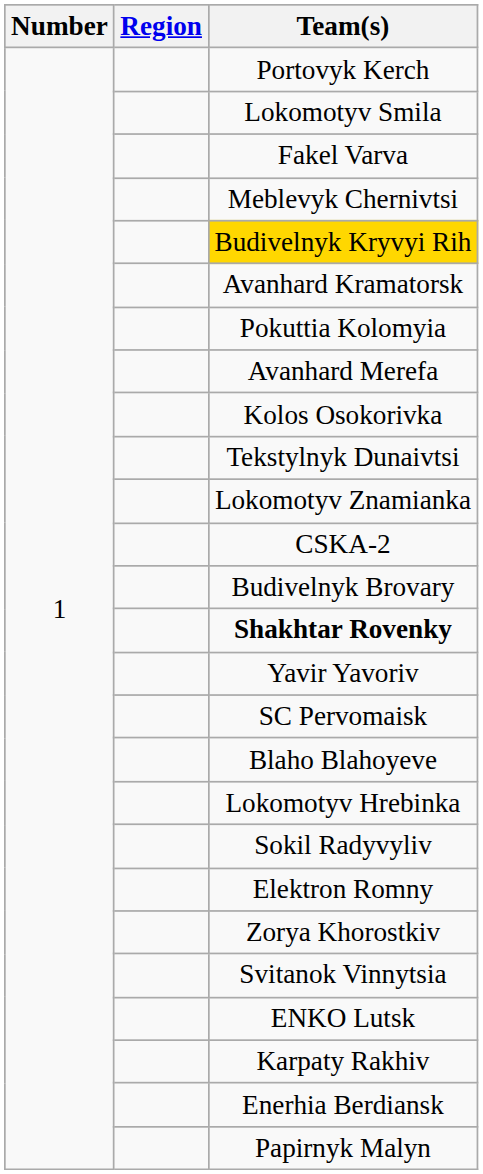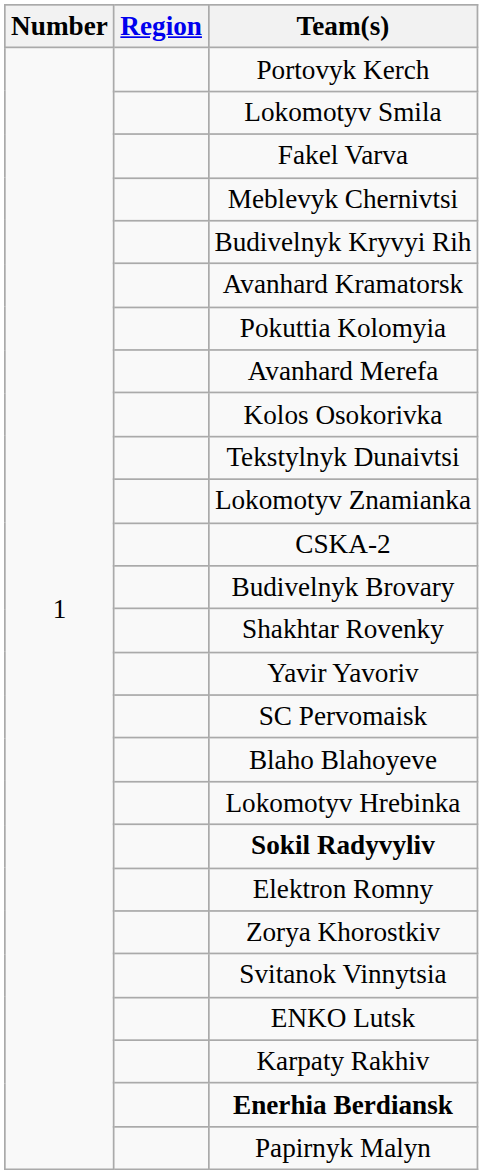 <table class="wikitable" style="text-align:center">
 <tr>
 <th>Number</th>
 <th><a href='#'>Region</a></th>
 <th>Team(s)</th>
 </tr>
 <tr>
 <td rowspan="26">1</td>
 <td align="left"></td>
 <td>Portovyk Kerch</td>
 </tr>
 <tr>
 <td align="left"></td>
 <td>Lokomotyv Smila</td>
 </tr>
 <tr>
 <td align="left"></td>
 <td>Fakel Varva</td>
 </tr>
 <tr>
 <td align="left"></td>
 <td>Meblevyk Chernivtsi</td>
 </tr>
 <tr>
 <td align="left"></td>
-<td style="background: gold;">Budivelnyk Kryvyi Rih</td>
+<td>Budivelnyk Kryvyi Rih</td>
 </tr>
 <tr>
 <td align="left"></td>
 <td>Avanhard Kramatorsk</td>
 </tr>
 <tr>
 <td align="left"></td>
 <td>Pokuttia Kolomyia</td>
 </tr>
 <tr>
 <td align="left"></td>
 <td>Avanhard Merefa</td>
 </tr>
 <tr>
 <td align="left"></td>
 <td>Kolos Osokorivka</td>
 </tr>
 <tr>
 <td align="left"></td>
 <td>Tekstylnyk Dunaivtsi</td>
 </tr>
 <tr>
 <td align="left"></td>
 <td>Lokomotyv Znamianka</td>
 </tr>
 <tr>
 <td align="left"></td>
 <td>CSKA-2</td>
 </tr>
 <tr>
 <td align="left"></td>
 <td>Budivelnyk Brovary</td>
 </tr>
 <tr>
 <td align="left"></td>
-<td><strong>Shakhtar Rovenky</strong></td>
+<td>Shakhtar Rovenky</td>
 </tr>
 <tr>
 <td align="left"></td>
 <td>Yavir Yavoriv</td>
 </tr>
 <tr>
 <td align="left"></td>
 <td>SC Pervomaisk</td>
 </tr>
 <tr>
 <td align="left"></td>
 <td>Blaho Blahoyeve</td>
 </tr>
 <tr>
 <td align="left"></td>
 <td>Lokomotyv Hrebinka</td>
 </tr>
 <tr>
 <td align="left"></td>
-<td>Sokil Radyvyliv</td>
+<td><strong>Sokil Radyvyliv</strong></td>
 </tr>
 <tr>
 <td align="left"></td>
 <td>Elektron Romny</td>
 </tr>
 <tr>
 <td align="left"></td>
 <td>Zorya Khorostkiv</td>
 </tr>
 <tr>
 <td align="left"></td>
 <td>Svitanok Vinnytsia</td>
 </tr>
 <tr>
 <td align="left"></td>
 <td>ENKO Lutsk</td>
 </tr>
 <tr>
 <td align="left"></td>
 <td>Karpaty Rakhiv</td>
 </tr>
 <tr>
 <td align="left"></td>
-<td>Enerhia Berdiansk</td>
+<td><strong>Enerhia Berdiansk</strong></td>
 </tr>
 <tr>
 <td align="left"></td>
 <td>Papirnyk Malyn</td>
 </tr>
 </table>
